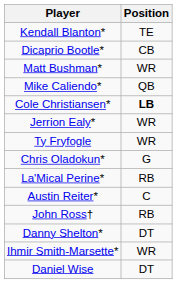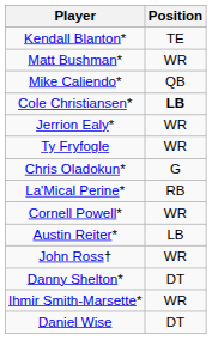 <table class="wikitable" style="text-align:center">
 <tr>
 <th>Player</th>
 <th>Position</th>
 </tr>
 <tr>
 <td><a href='#'>Kendall Blanton</a>*</td>
 <td>TE</td>
-</tr>
-<tr>
-<td><a href='#'>Dicaprio Bootle</a>*</td>
-<td>CB</td>
 </tr>
 <tr>
 <td><a href='#'>Matt Bushman</a>*</td>
 <td>WR</td>
 </tr>
 <tr>
 <td><a href='#'>Mike Caliendo</a>*</td>
 <td>QB</td>
 </tr>
 <tr>
 <td><a href='#'>Cole Christiansen</a>*</td>
 <td><strong>LB</strong></td>
 </tr>
 <tr>
 <td><a href='#'>Jerrion Ealy</a>*</td>
 <td>WR</td>
 </tr>
 <tr>
 <td><a href='#'>Ty Fryfogle</a></td>
 <td>WR</td>
 </tr>
 <tr>
 <td><a href='#'>Chris Oladokun</a>*</td>
 <td>G</td>
 </tr>
 <tr>
 <td><a href='#'>La'Mical Perine</a>*</td>
 <td>RB</td>
 </tr>
 <tr>
+<td><a href='#'>Cornell Powell</a>*</td>
+<td>WR</td>
+</tr>
+<tr>
 <td><a href='#'>Austin Reiter</a>*</td>
-<td>C</td>
+<td>LB</td>
 </tr>
 <tr>
 <td><a href='#'>John Ross</a>†</td>
-<td>RB</td>
+<td>WR</td>
 </tr>
 <tr>
 <td><a href='#'>Danny Shelton</a>*</td>
 <td>DT</td>
 </tr>
 <tr>
 <td><a href='#'>Ihmir Smith-Marsette</a>*</td>
 <td>WR</td>
 </tr>
 <tr>
 <td><a href='#'>Daniel Wise</a></td>
 <td>DT</td>
 </tr>
 </table>
